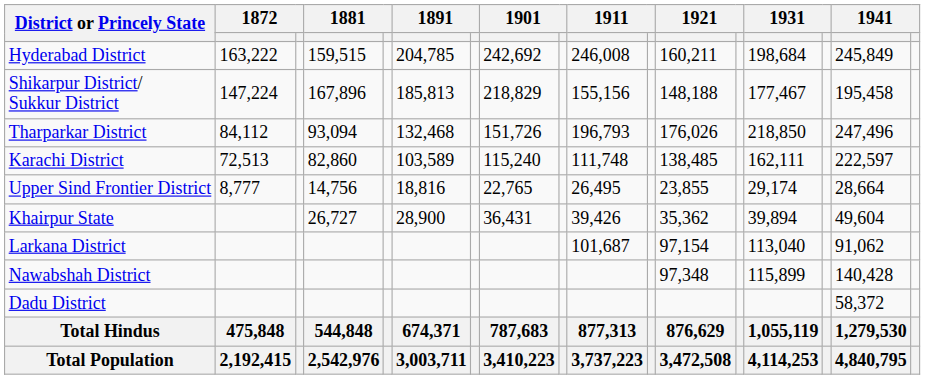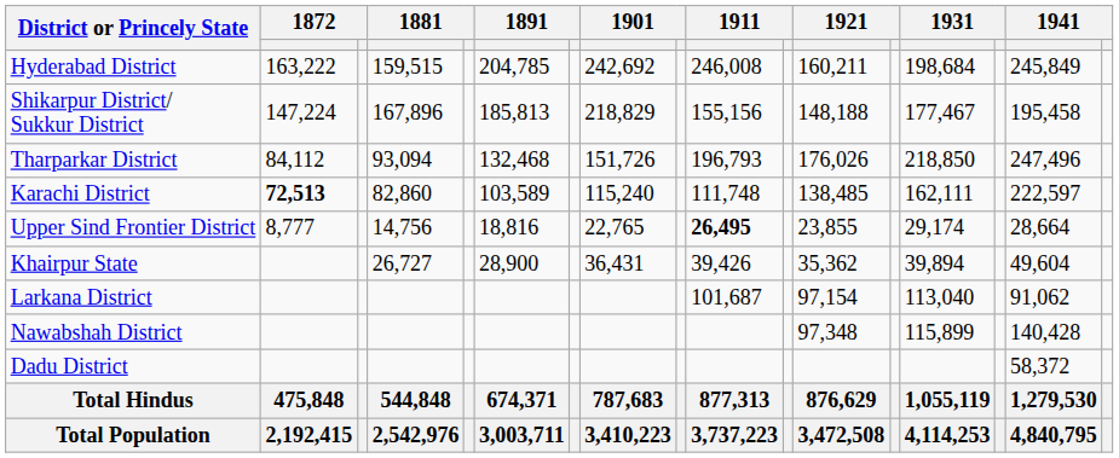 <table class="wikitable sortable">
 <tr>
 <th rowspan="2"><a href='#'>District</a> or <a href='#'>Princely State</a></th>
 <th colspan="2">1872</th>
 <th colspan="2">1881</th>
 <th colspan="2">1891</th>
 <th colspan="2">1901</th>
 <th colspan="2">1911</th>
 <th colspan="2">1921</th>
 <th colspan="2">1931</th>
 <th colspan="2">1941</th>
 </tr>
 <tr>
 <th><a href='#'></a></th>
 <th></th>
 <th></th>
 <th></th>
 <th></th>
 <th></th>
 <th></th>
 <th></th>
 <th></th>
 <th></th>
 <th></th>
 <th></th>
 <th></th>
 <th></th>
 <th></th>
 <th></th>
 </tr>
 <tr>
 <td><a href='#'>Hyderabad District</a></td>
 <td>163,222</td>
 <td></td>
 <td>159,515</td>
 <td></td>
 <td>204,785</td>
 <td></td>
 <td>242,692</td>
 <td></td>
 <td>246,008</td>
 <td></td>
 <td>160,211</td>
 <td></td>
 <td>198,684</td>
 <td></td>
 <td>245,849</td>
 <td></td>
 </tr>
 <tr>
 <td><a href='#'>Shikarpur District</a>/<br><a href='#'>Sukkur District</a></td>
 <td>147,224</td>
 <td></td>
 <td>167,896</td>
 <td></td>
 <td>185,813</td>
 <td></td>
 <td>218,829</td>
 <td></td>
 <td>155,156</td>
 <td></td>
 <td>148,188</td>
 <td></td>
 <td>177,467</td>
 <td></td>
 <td>195,458</td>
 <td></td>
 </tr>
 <tr>
 <td><a href='#'>Tharparkar District</a></td>
 <td>84,112</td>
 <td></td>
 <td>93,094</td>
 <td></td>
 <td>132,468</td>
 <td></td>
 <td>151,726</td>
 <td></td>
 <td>196,793</td>
 <td></td>
 <td>176,026</td>
 <td></td>
 <td>218,850</td>
 <td></td>
 <td>247,496</td>
 <td></td>
 </tr>
 <tr>
 <td><a href='#'>Karachi District</a></td>
-<td>72,513</td>
+<td><strong>72,513</strong></td>
 <td></td>
 <td>82,860</td>
 <td></td>
 <td>103,589</td>
 <td></td>
 <td>115,240</td>
 <td></td>
 <td>111,748</td>
 <td></td>
 <td>138,485</td>
 <td></td>
 <td>162,111</td>
 <td></td>
 <td>222,597</td>
 <td></td>
 </tr>
 <tr>
 <td><a href='#'>Upper Sind Frontier District</a></td>
 <td>8,777</td>
 <td></td>
 <td>14,756</td>
 <td></td>
 <td>18,816</td>
 <td></td>
 <td>22,765</td>
 <td></td>
-<td>26,495</td>
+<td><strong>26,495</strong></td>
 <td></td>
 <td>23,855</td>
 <td></td>
 <td>29,174</td>
 <td></td>
 <td>28,664</td>
 <td></td>
 </tr>
 <tr>
 <td><a href='#'>Khairpur State</a></td>
 <td></td>
 <td></td>
 <td>26,727</td>
 <td></td>
 <td>28,900</td>
 <td></td>
 <td>36,431</td>
 <td></td>
 <td>39,426</td>
 <td></td>
 <td>35,362</td>
 <td></td>
 <td>39,894</td>
 <td></td>
 <td>49,604</td>
 <td></td>
 </tr>
 <tr>
 <td><a href='#'>Larkana District</a></td>
 <td></td>
 <td></td>
 <td></td>
 <td></td>
 <td></td>
 <td></td>
 <td></td>
 <td></td>
 <td>101,687</td>
 <td></td>
 <td>97,154</td>
 <td></td>
 <td>113,040</td>
 <td></td>
 <td>91,062</td>
 <td></td>
 </tr>
 <tr>
 <td><a href='#'>Nawabshah District</a></td>
 <td></td>
 <td></td>
 <td></td>
 <td></td>
 <td></td>
 <td></td>
 <td></td>
 <td></td>
 <td></td>
 <td></td>
 <td>97,348</td>
 <td></td>
 <td>115,899</td>
 <td></td>
 <td>140,428</td>
 <td></td>
 </tr>
 <tr>
 <td><a href='#'>Dadu District</a></td>
 <td></td>
 <td></td>
 <td></td>
 <td></td>
 <td></td>
 <td></td>
 <td></td>
 <td></td>
 <td></td>
 <td></td>
 <td></td>
 <td></td>
 <td></td>
 <td></td>
 <td>58,372</td>
 <td></td>
 </tr>
 <tr class="sortbottom">
 <th>Total Hindus</th>
 <th>475,848</th>
 <th></th>
 <th>544,848</th>
 <th></th>
 <th>674,371</th>
 <th></th>
 <th>787,683</th>
 <th></th>
 <th>877,313</th>
 <th></th>
 <th>876,629</th>
 <th></th>
 <th>1,055,119</th>
 <th></th>
 <th>1,279,530</th>
 <th></th>
 </tr>
 <tr class="sortbottom">
 <th>Total Population</th>
 <th>2,192,415</th>
 <th></th>
 <th>2,542,976</th>
 <th></th>
 <th>3,003,711</th>
 <th></th>
 <th>3,410,223</th>
 <th></th>
 <th>3,737,223</th>
 <th></th>
 <th>3,472,508</th>
 <th></th>
 <th>4,114,253</th>
 <th></th>
 <th>4,840,795</th>
 <th></th>
 </tr>
 </table>
